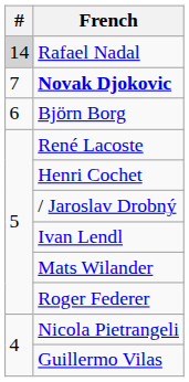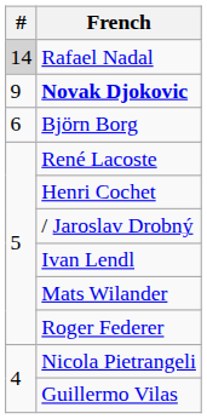 <table class=wikitable style="display:inline-table;">
 <tr>
 <th>#</th>
 <th>French</th>
 </tr>
 <tr>
 <td style="background: lightgrey;">14</td>
 <td> <a href='#'>Rafael Nadal</a></td>
 </tr>
 <tr>
-<td>7</td>
+<td>9</td>
 <td> <strong><a href='#'>Novak Djokovic</a></strong></td>
 </tr>
 <tr>
 <td>6</td>
 <td> <a href='#'>Björn Borg</a></td>
 </tr>
 <tr>
 <td rowspan="6">5</td>
 <td> <a href='#'>René Lacoste</a></td>
 </tr>
 <tr>
 <td> <a href='#'>Henri Cochet</a></td>
 </tr>
 <tr>
 <td>/ <a href='#'>Jaroslav Drobný</a></td>
 </tr>
 <tr>
 <td> <a href='#'>Ivan Lendl</a></td>
 </tr>
 <tr>
 <td> <a href='#'>Mats Wilander</a></td>
 </tr>
 <tr>
 <td> <a href='#'>Roger Federer</a></td>
 </tr>
 <tr>
 <td rowspan="2">4</td>
 <td> <a href='#'>Nicola Pietrangeli</a></td>
 </tr>
 <tr>
 <td> <a href='#'>Guillermo Vilas</a></td>
 </tr>
 </table>
